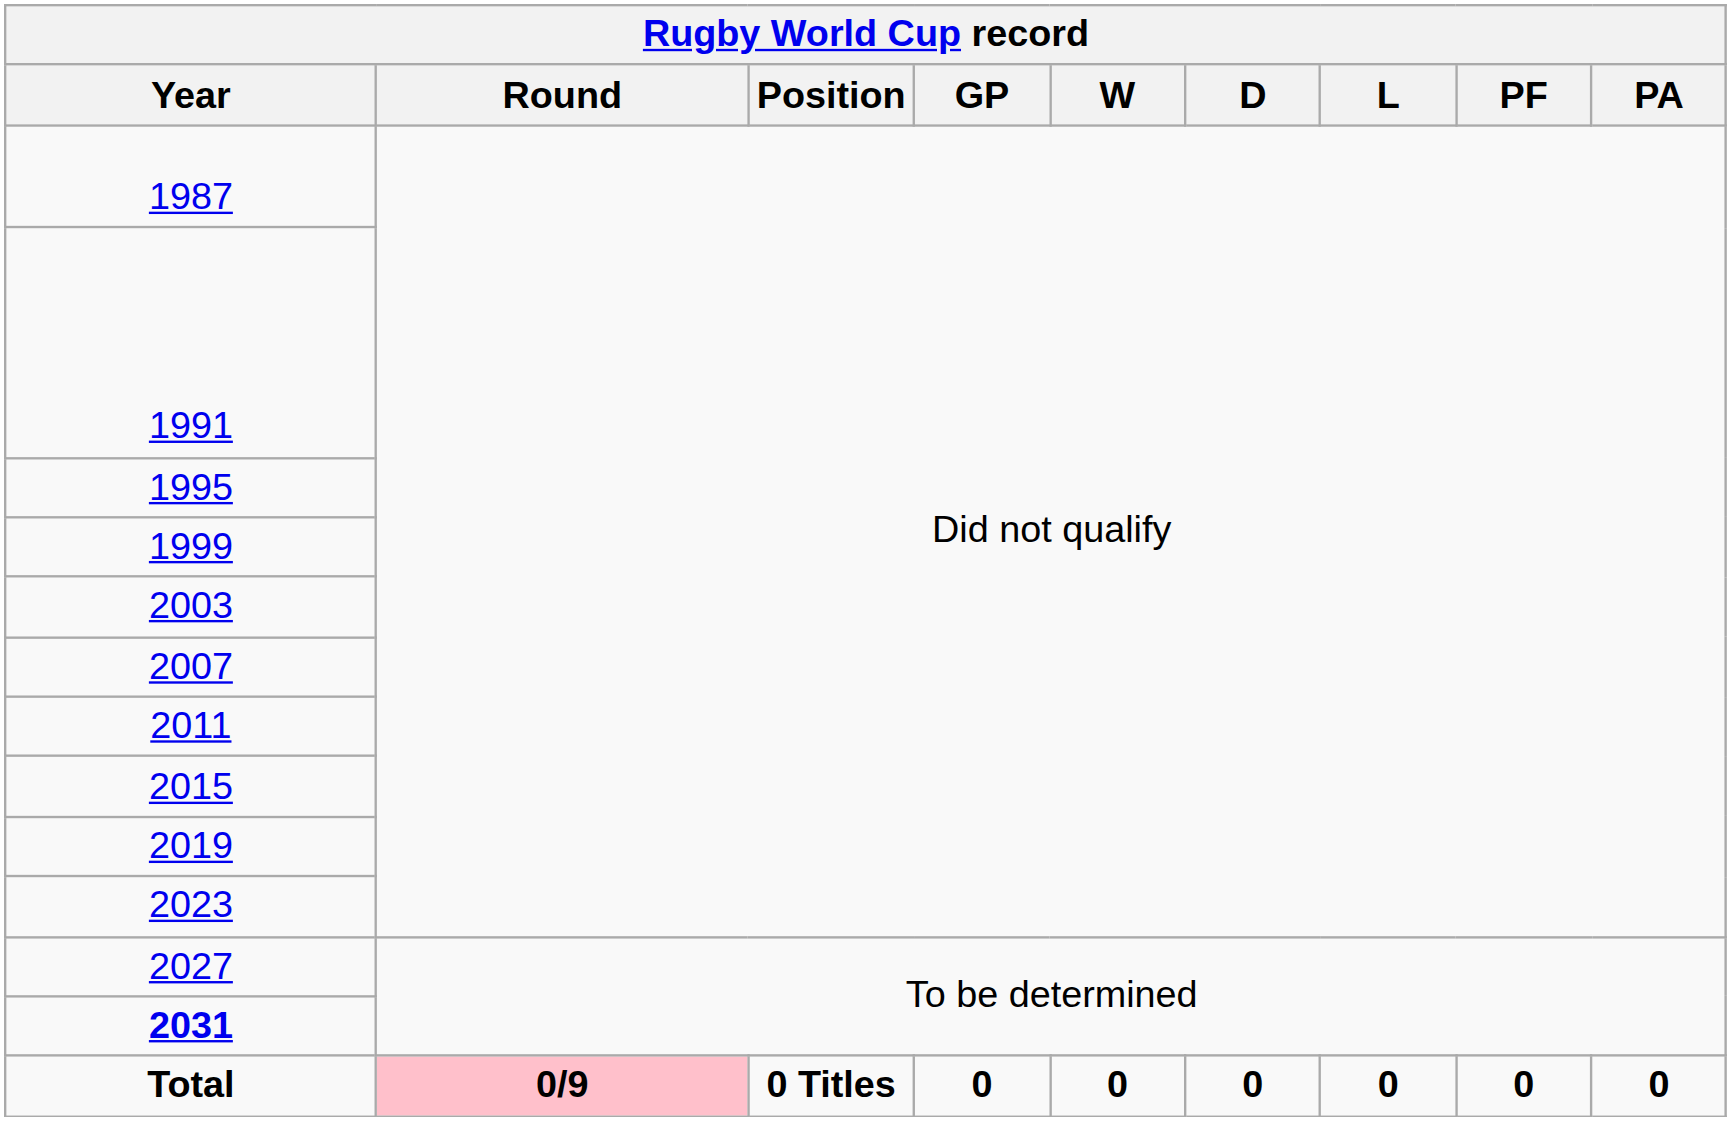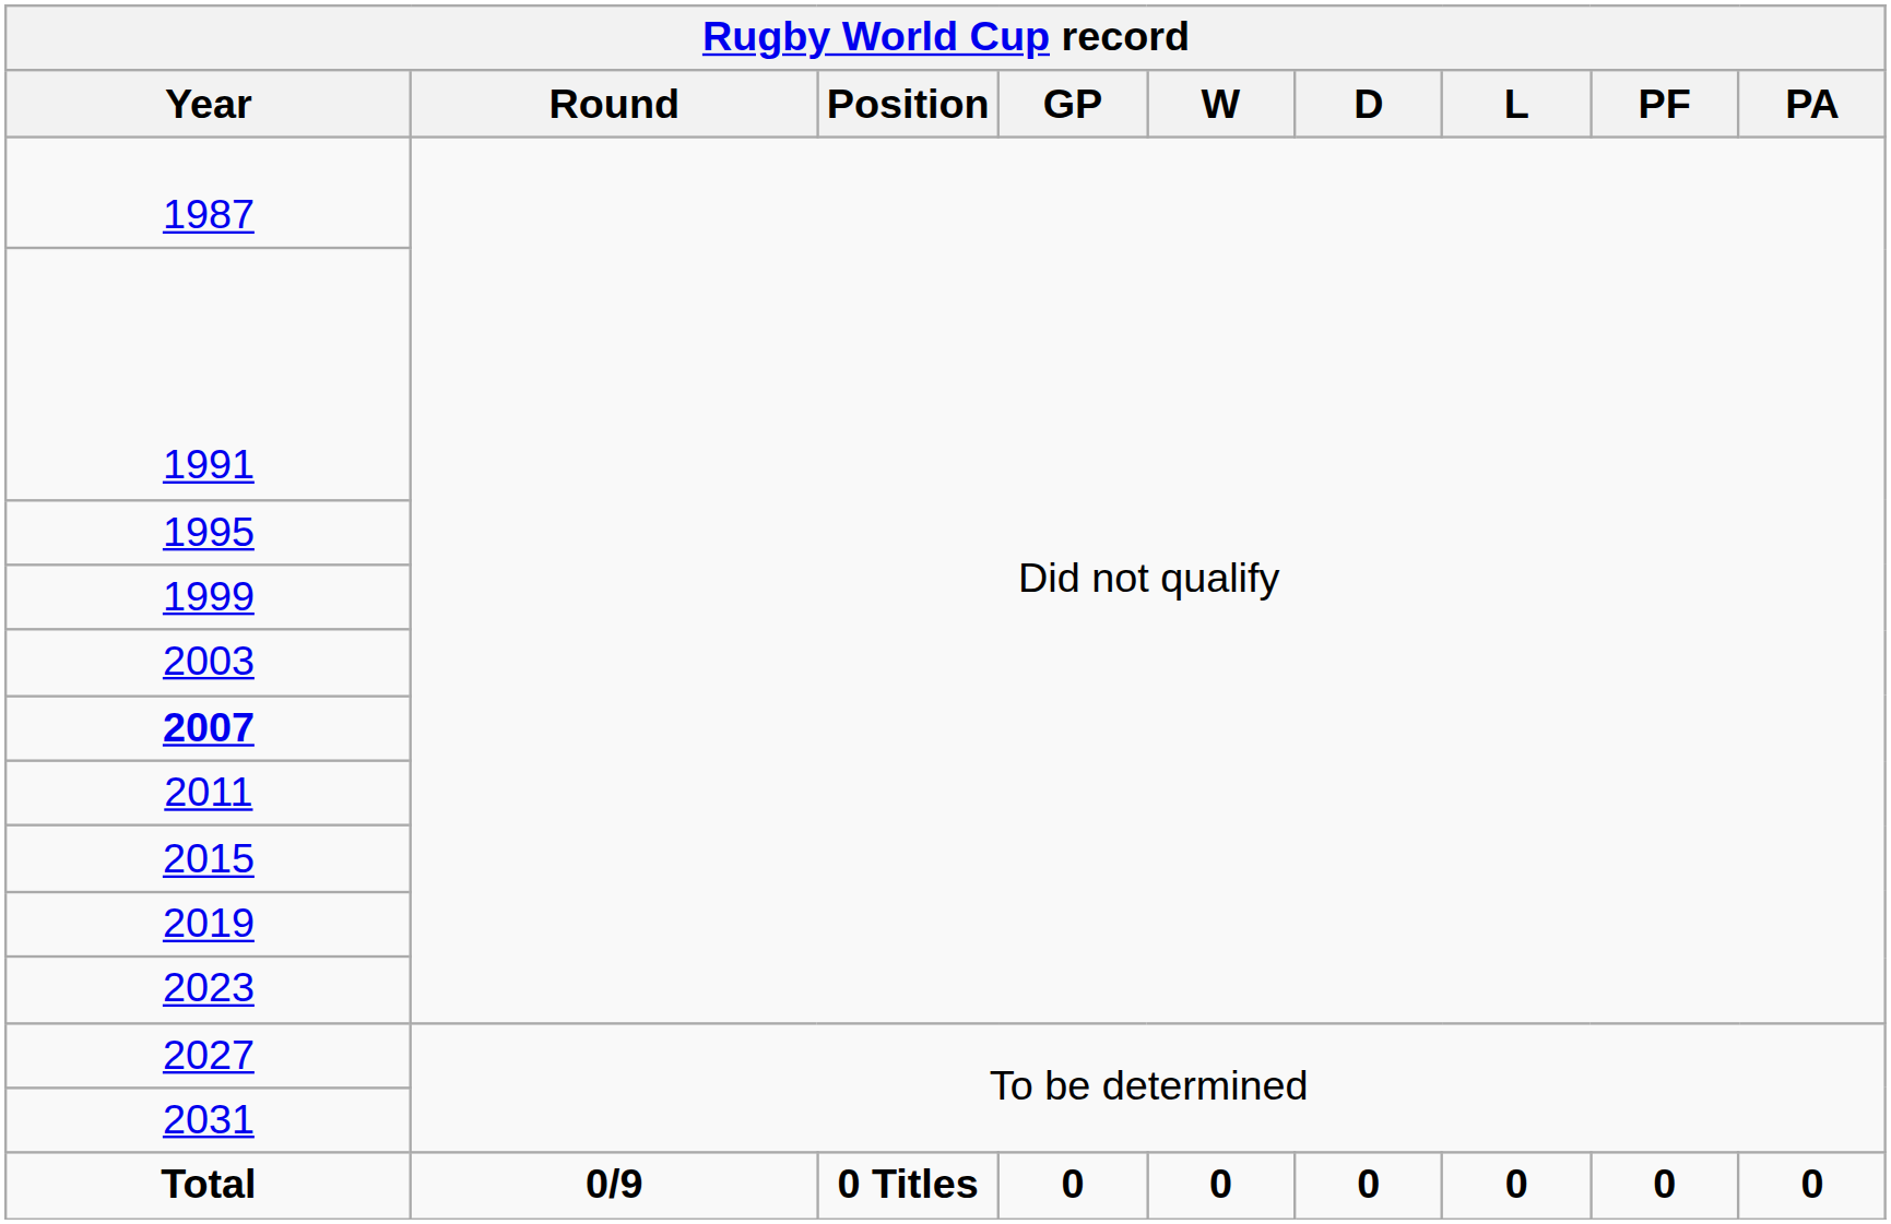 <table class="wikitable" style="text-align:center">
 <tr>
 <th colspan=9><a href='#'>Rugby World Cup</a> record</th>
 </tr>
 <tr>
 <th width=150>Year</th>
 <th width=150>Round</th>
 <th width=50>Position</th>
 <th width=50>GP</th>
 <th width=50>W</th>
 <th width=50>D</th>
 <th width=50>L</th>
 <th width=50>PF</th>
 <th width=50>PA</th>
 </tr>
 <tr>
 <td><br> <a href='#'>1987</a></td>
 <td colspan=9 rowspan=10>Did not qualify</td>
 </tr>
 <tr>
 <td><br><br><br><br> <a href='#'>1991</a></td>
 </tr>
 <tr>
 <td> <a href='#'>1995</a></td>
 </tr>
 <tr>
 <td> <a href='#'>1999</a></td>
 </tr>
 <tr>
 <td> <a href='#'>2003</a></td>
 </tr>
 <tr>
-<td> <a href='#'>2007</a></td>
+<td><strong> <a href='#'>2007</a></strong></td>
 </tr>
 <tr>
 <td> <a href='#'>2011</a></td>
 </tr>
 <tr>
 <td> <a href='#'>2015</a></td>
 </tr>
 <tr>
 <td> <a href='#'>2019</a></td>
 </tr>
 <tr>
 <td> <a href='#'>2023</a></td>
 </tr>
 <tr>
 <td> <a href='#'>2027</a></td>
 <td colspan=8 rowspan=2>To be determined</td>
 </tr>
 <tr>
-<td><strong> <a href='#'>2031</a></strong></td>
+<td> <a href='#'>2031</a></td>
 </tr>
 <tr>
 <td><strong>Total</strong></td>
-<td style="background: pink;"><strong>0/9</strong></td>
+<td><strong>0/9</strong></td>
 <td><strong>0 Titles</strong></td>
 <td><strong>0</strong></td>
 <td><strong>0</strong></td>
 <td><strong>0</strong></td>
 <td><strong>0</strong></td>
 <td><strong>0</strong></td>
 <td><strong>0</strong></td>
 </tr>
 </table>
